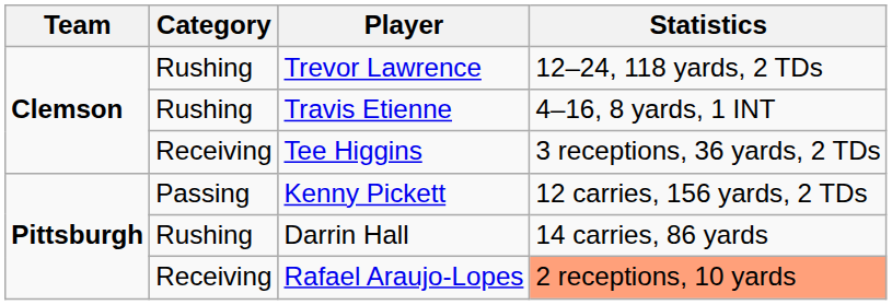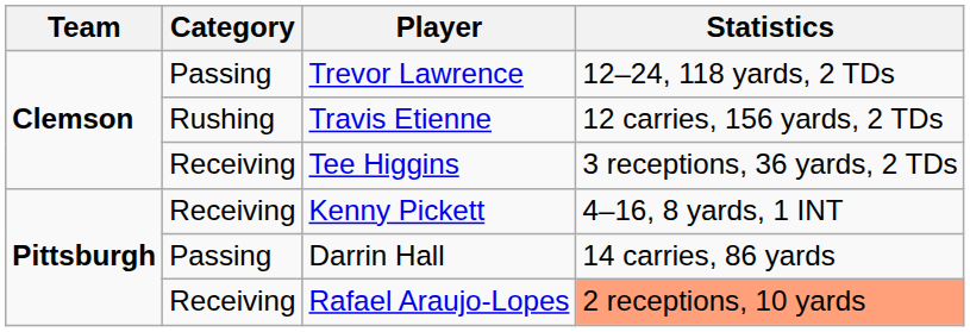 <table class="wikitable">
 <tr>
 <th>Team</th>
 <th>Category</th>
 <th>Player</th>
 <th>Statistics</th>
 </tr>
 <tr>
 <td rowspan=3><strong>Clemson</strong></td>
-<td>Rushing</td>
+<td>Passing</td>
 <td><a href='#'>Trevor Lawrence</a></td>
 <td>12–24, 118 yards, 2 TDs</td>
 </tr>
 <tr>
 <td>Rushing</td>
 <td><a href='#'>Travis Etienne</a></td>
-<td>4–16, 8 yards, 1 INT</td>
+<td>12 carries, 156 yards, 2 TDs</td>
 </tr>
 <tr>
 <td>Receiving</td>
 <td><a href='#'>Tee Higgins</a></td>
 <td>3 receptions, 36 yards, 2 TDs</td>
 </tr>
 <tr>
 <td rowspan=3><strong>Pittsburgh</strong></td>
-<td>Passing</td>
+<td>Receiving</td>
 <td><a href='#'>Kenny Pickett</a></td>
-<td>12 carries, 156 yards, 2 TDs</td>
+<td>4–16, 8 yards, 1 INT</td>
 </tr>
 <tr>
-<td>Rushing</td>
+<td>Passing</td>
 <td>Darrin Hall</td>
 <td>14 carries, 86 yards</td>
 </tr>
 <tr>
 <td>Receiving</td>
 <td><a href='#'>Rafael Araujo-Lopes</a></td>
 <td style="background: lightsalmon;">2 receptions, 10 yards</td>
 </tr>
 </table>
